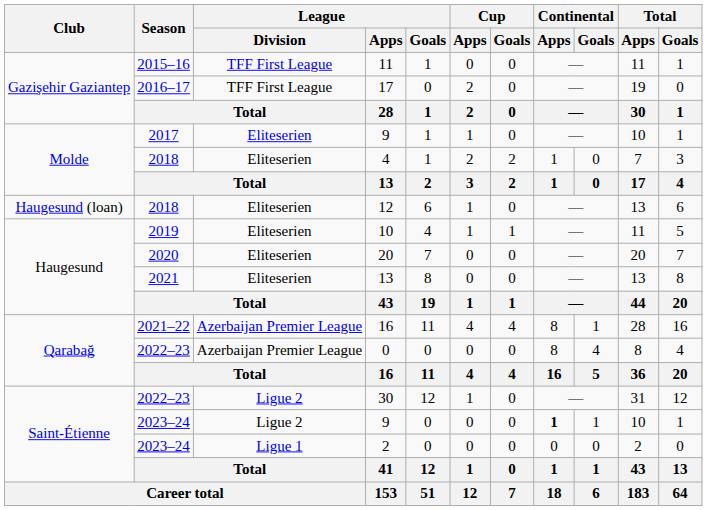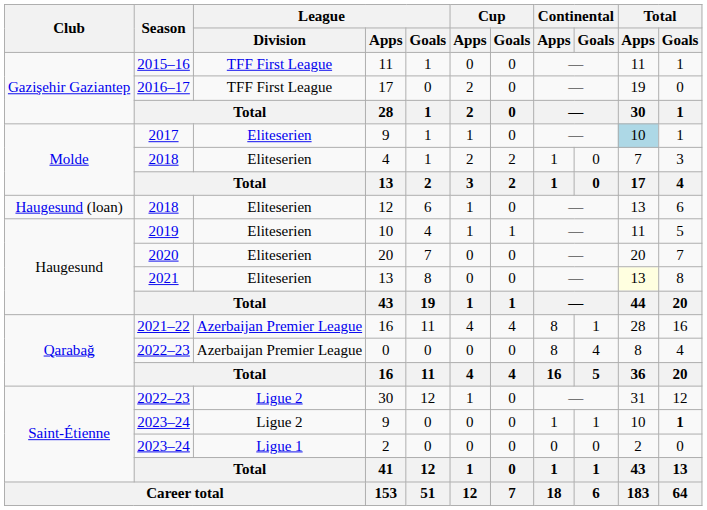 <table class="wikitable" style="text-align: center;">
 <tr>
 <th rowspan="2">Club</th>
 <th rowspan="2">Season</th>
 <th colspan="3">League</th>
 <th colspan="2">Cup</th>
 <th colspan="2">Continental</th>
 <th colspan="2">Total</th>
 </tr>
 <tr>
 <th>Division</th>
 <th>Apps</th>
 <th>Goals</th>
 <th>Apps</th>
 <th>Goals</th>
 <th>Apps</th>
 <th>Goals</th>
 <th>Apps</th>
 <th>Goals</th>
 </tr>
 <tr>
 <td rowspan="3" valign="center"><a href='#'>Gazişehir Gaziantep</a></td>
 <td><a href='#'>2015–16</a></td>
 <td valign="center"><a href='#'>TFF First League</a></td>
 <td>11</td>
 <td>1</td>
 <td>0</td>
 <td>0</td>
 <td colspan="2">—</td>
 <td>11</td>
 <td>1</td>
 </tr>
 <tr>
 <td><a href='#'>2016–17</a></td>
 <td>TFF First League</td>
 <td>17</td>
 <td>0</td>
 <td>2</td>
 <td>0</td>
 <td colspan="2">—</td>
 <td>19</td>
 <td>0</td>
 </tr>
 <tr>
 <th colspan="2">Total</th>
 <th>28</th>
 <th>1</th>
 <th>2</th>
 <th>0</th>
 <th colspan="2">—</th>
 <th>30</th>
 <th>1</th>
 </tr>
 <tr>
 <td rowspan="3" valign="center"><a href='#'>Molde</a></td>
 <td><a href='#'>2017</a></td>
 <td valign="center"><a href='#'>Eliteserien</a></td>
 <td>9</td>
 <td>1</td>
 <td>1</td>
 <td>0</td>
 <td colspan="2">—</td>
-<td>10</td>
+<td style="background: lightblue;">10</td>
 <td>1</td>
 </tr>
 <tr>
 <td><a href='#'>2018</a></td>
 <td>Eliteserien</td>
 <td>4</td>
 <td>1</td>
 <td>2</td>
 <td>2</td>
 <td>1</td>
 <td>0</td>
 <td>7</td>
 <td>3</td>
 </tr>
 <tr>
 <th colspan="2">Total</th>
 <th>13</th>
 <th>2</th>
 <th>3</th>
 <th>2</th>
 <th>1</th>
 <th>0</th>
 <th>17</th>
 <th>4</th>
 </tr>
 <tr>
 <td><a href='#'>Haugesund</a> (loan)</td>
 <td><a href='#'>2018</a></td>
 <td>Eliteserien</td>
 <td>12</td>
 <td>6</td>
 <td>1</td>
 <td>0</td>
 <td colspan="2">—</td>
 <td>13</td>
 <td>6</td>
 </tr>
 <tr>
 <td rowspan="4" valign="center">Haugesund</td>
 <td><a href='#'>2019</a></td>
 <td valign="center">Eliteserien</td>
 <td>10</td>
 <td>4</td>
 <td>1</td>
 <td>1</td>
 <td colspan="2">—</td>
 <td>11</td>
 <td>5</td>
 </tr>
 <tr>
 <td><a href='#'>2020</a></td>
 <td>Eliteserien</td>
 <td>20</td>
 <td>7</td>
 <td>0</td>
 <td>0</td>
 <td colspan="2">—</td>
 <td>20</td>
 <td>7</td>
 </tr>
 <tr>
 <td><a href='#'>2021</a></td>
 <td>Eliteserien</td>
 <td>13</td>
 <td>8</td>
 <td>0</td>
 <td>0</td>
 <td colspan="2">—</td>
-<td>13</td>
+<td style="background: lightyellow;">13</td>
 <td>8</td>
 </tr>
 <tr>
 <th colspan="2">Total</th>
 <th>43</th>
 <th>19</th>
 <th>1</th>
 <th>1</th>
 <th colspan="2">—</th>
 <th>44</th>
 <th>20</th>
 </tr>
 <tr>
 <td rowspan="3" valign="center"><a href='#'>Qarabağ</a></td>
 <td><a href='#'>2021–22</a></td>
 <td valign="center"><a href='#'>Azerbaijan Premier League</a></td>
 <td>16</td>
 <td>11</td>
 <td>4</td>
 <td>4</td>
 <td>8</td>
 <td>1</td>
 <td>28</td>
 <td>16</td>
 </tr>
 <tr>
 <td><a href='#'>2022–23</a></td>
 <td>Azerbaijan Premier League</td>
 <td>0</td>
 <td>0</td>
 <td>0</td>
 <td>0</td>
 <td>8</td>
 <td>4</td>
 <td>8</td>
 <td>4</td>
 </tr>
 <tr>
 <th colspan="2">Total</th>
 <th>16</th>
 <th>11</th>
 <th>4</th>
 <th>4</th>
 <th>16</th>
 <th>5</th>
 <th>36</th>
 <th>20</th>
 </tr>
 <tr>
 <td rowspan="4"><a href='#'>Saint-Étienne</a></td>
 <td><a href='#'>2022–23</a></td>
 <td><a href='#'>Ligue 2</a></td>
 <td>30</td>
 <td>12</td>
 <td>1</td>
 <td>0</td>
 <td colspan="2">—</td>
 <td>31</td>
 <td>12</td>
 </tr>
 <tr>
 <td><a href='#'>2023–24</a></td>
 <td>Ligue 2</td>
 <td>9</td>
 <td>0</td>
 <td>0</td>
 <td>0</td>
-<td><strong>1</strong></td>
+<td>1</td>
 <td>1</td>
 <td>10</td>
-<td>1</td>
+<td><strong>1</strong></td>
 </tr>
 <tr>
 <td><a href='#'>2023–24</a></td>
 <td><a href='#'>Ligue 1</a></td>
 <td>2</td>
 <td>0</td>
 <td>0</td>
 <td>0</td>
 <td>0</td>
 <td>0</td>
 <td>2</td>
 <td>0</td>
 </tr>
 <tr>
 <th colspan="2">Total</th>
 <th>41</th>
 <th>12</th>
 <th>1</th>
 <th>0</th>
 <th>1</th>
 <th>1</th>
 <th>43</th>
 <th>13</th>
 </tr>
 <tr>
 <th colspan="3">Career total</th>
 <th>153</th>
 <th>51</th>
 <th>12</th>
 <th>7</th>
 <th>18</th>
 <th>6</th>
 <th>183</th>
 <th>64</th>
 </tr>
 </table>
